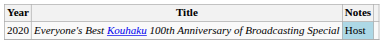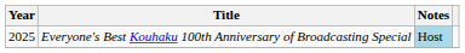 <table class="wikitable">
 <tr>
 <th>Year</th>
 <th>Title</th>
 <th>Notes</th>
 <th></th>
 </tr>
 <tr>
-<td>2020</td>
+<td>2025</td>
 <td><em>Everyone's Best <a href='#'>Kouhaku</a> 100th Anniversary of Broadcasting Special</em></td>
 <td style="background: lightblue;">Host</td>
 <td></td>
 </tr>
 <tr>
 </tr>
 </table>
